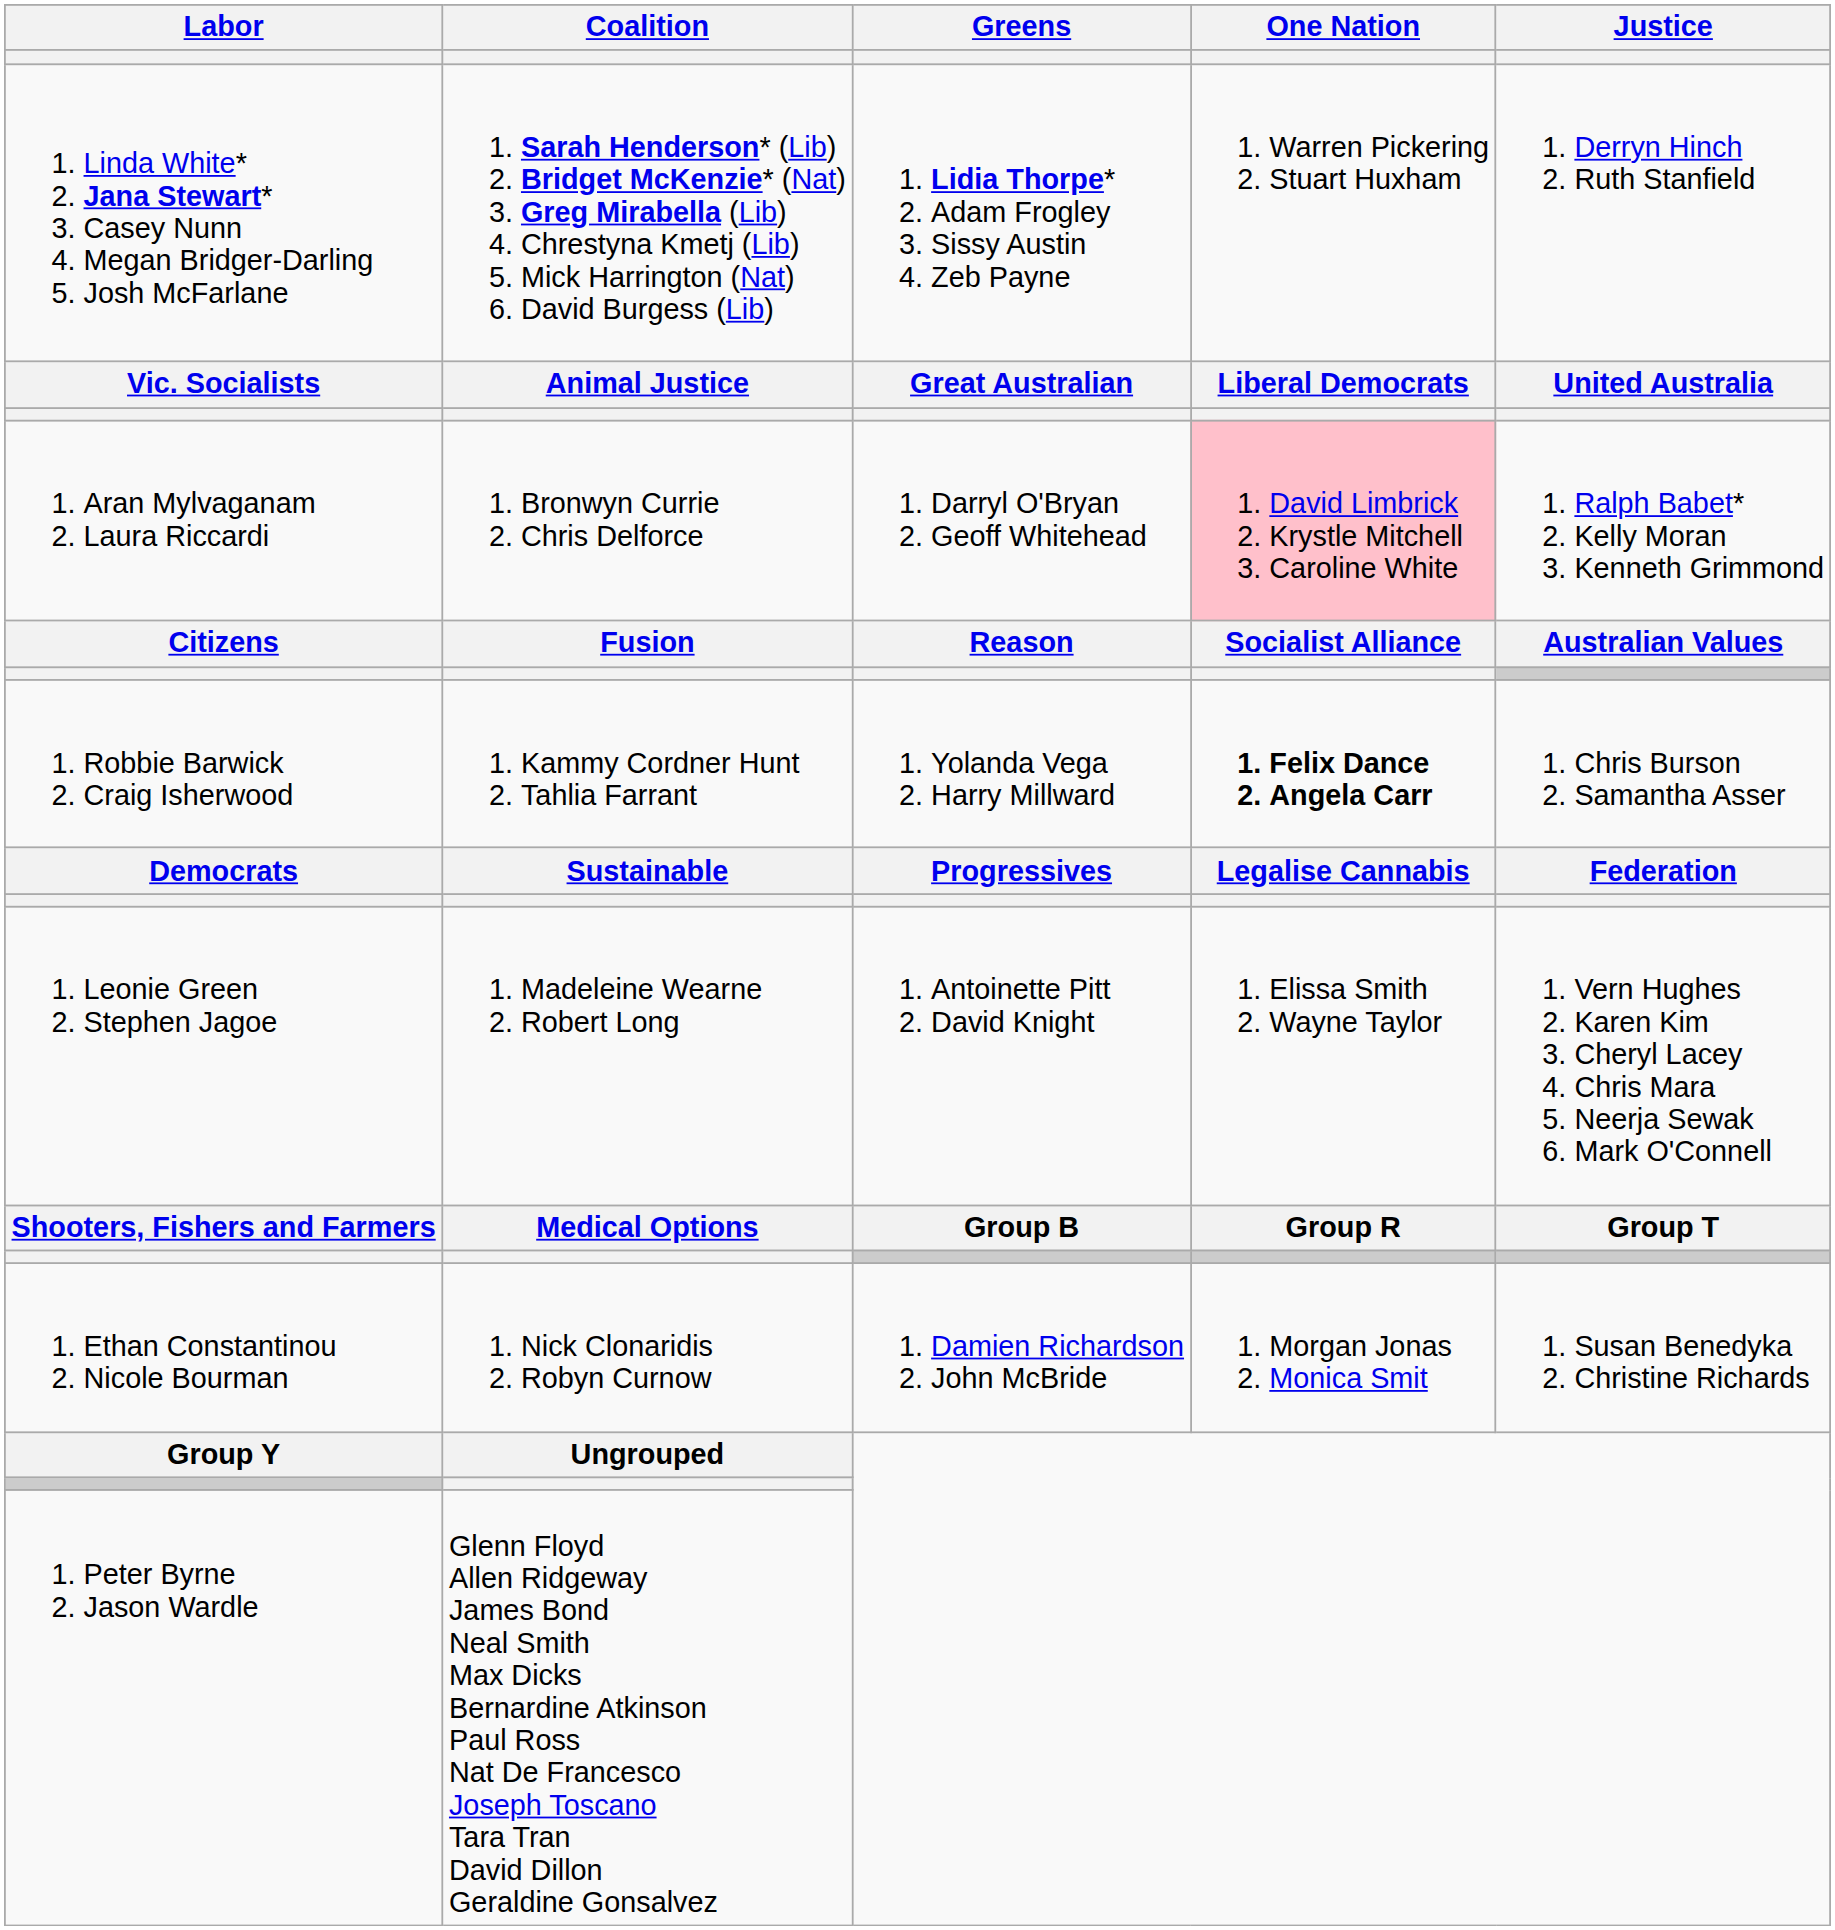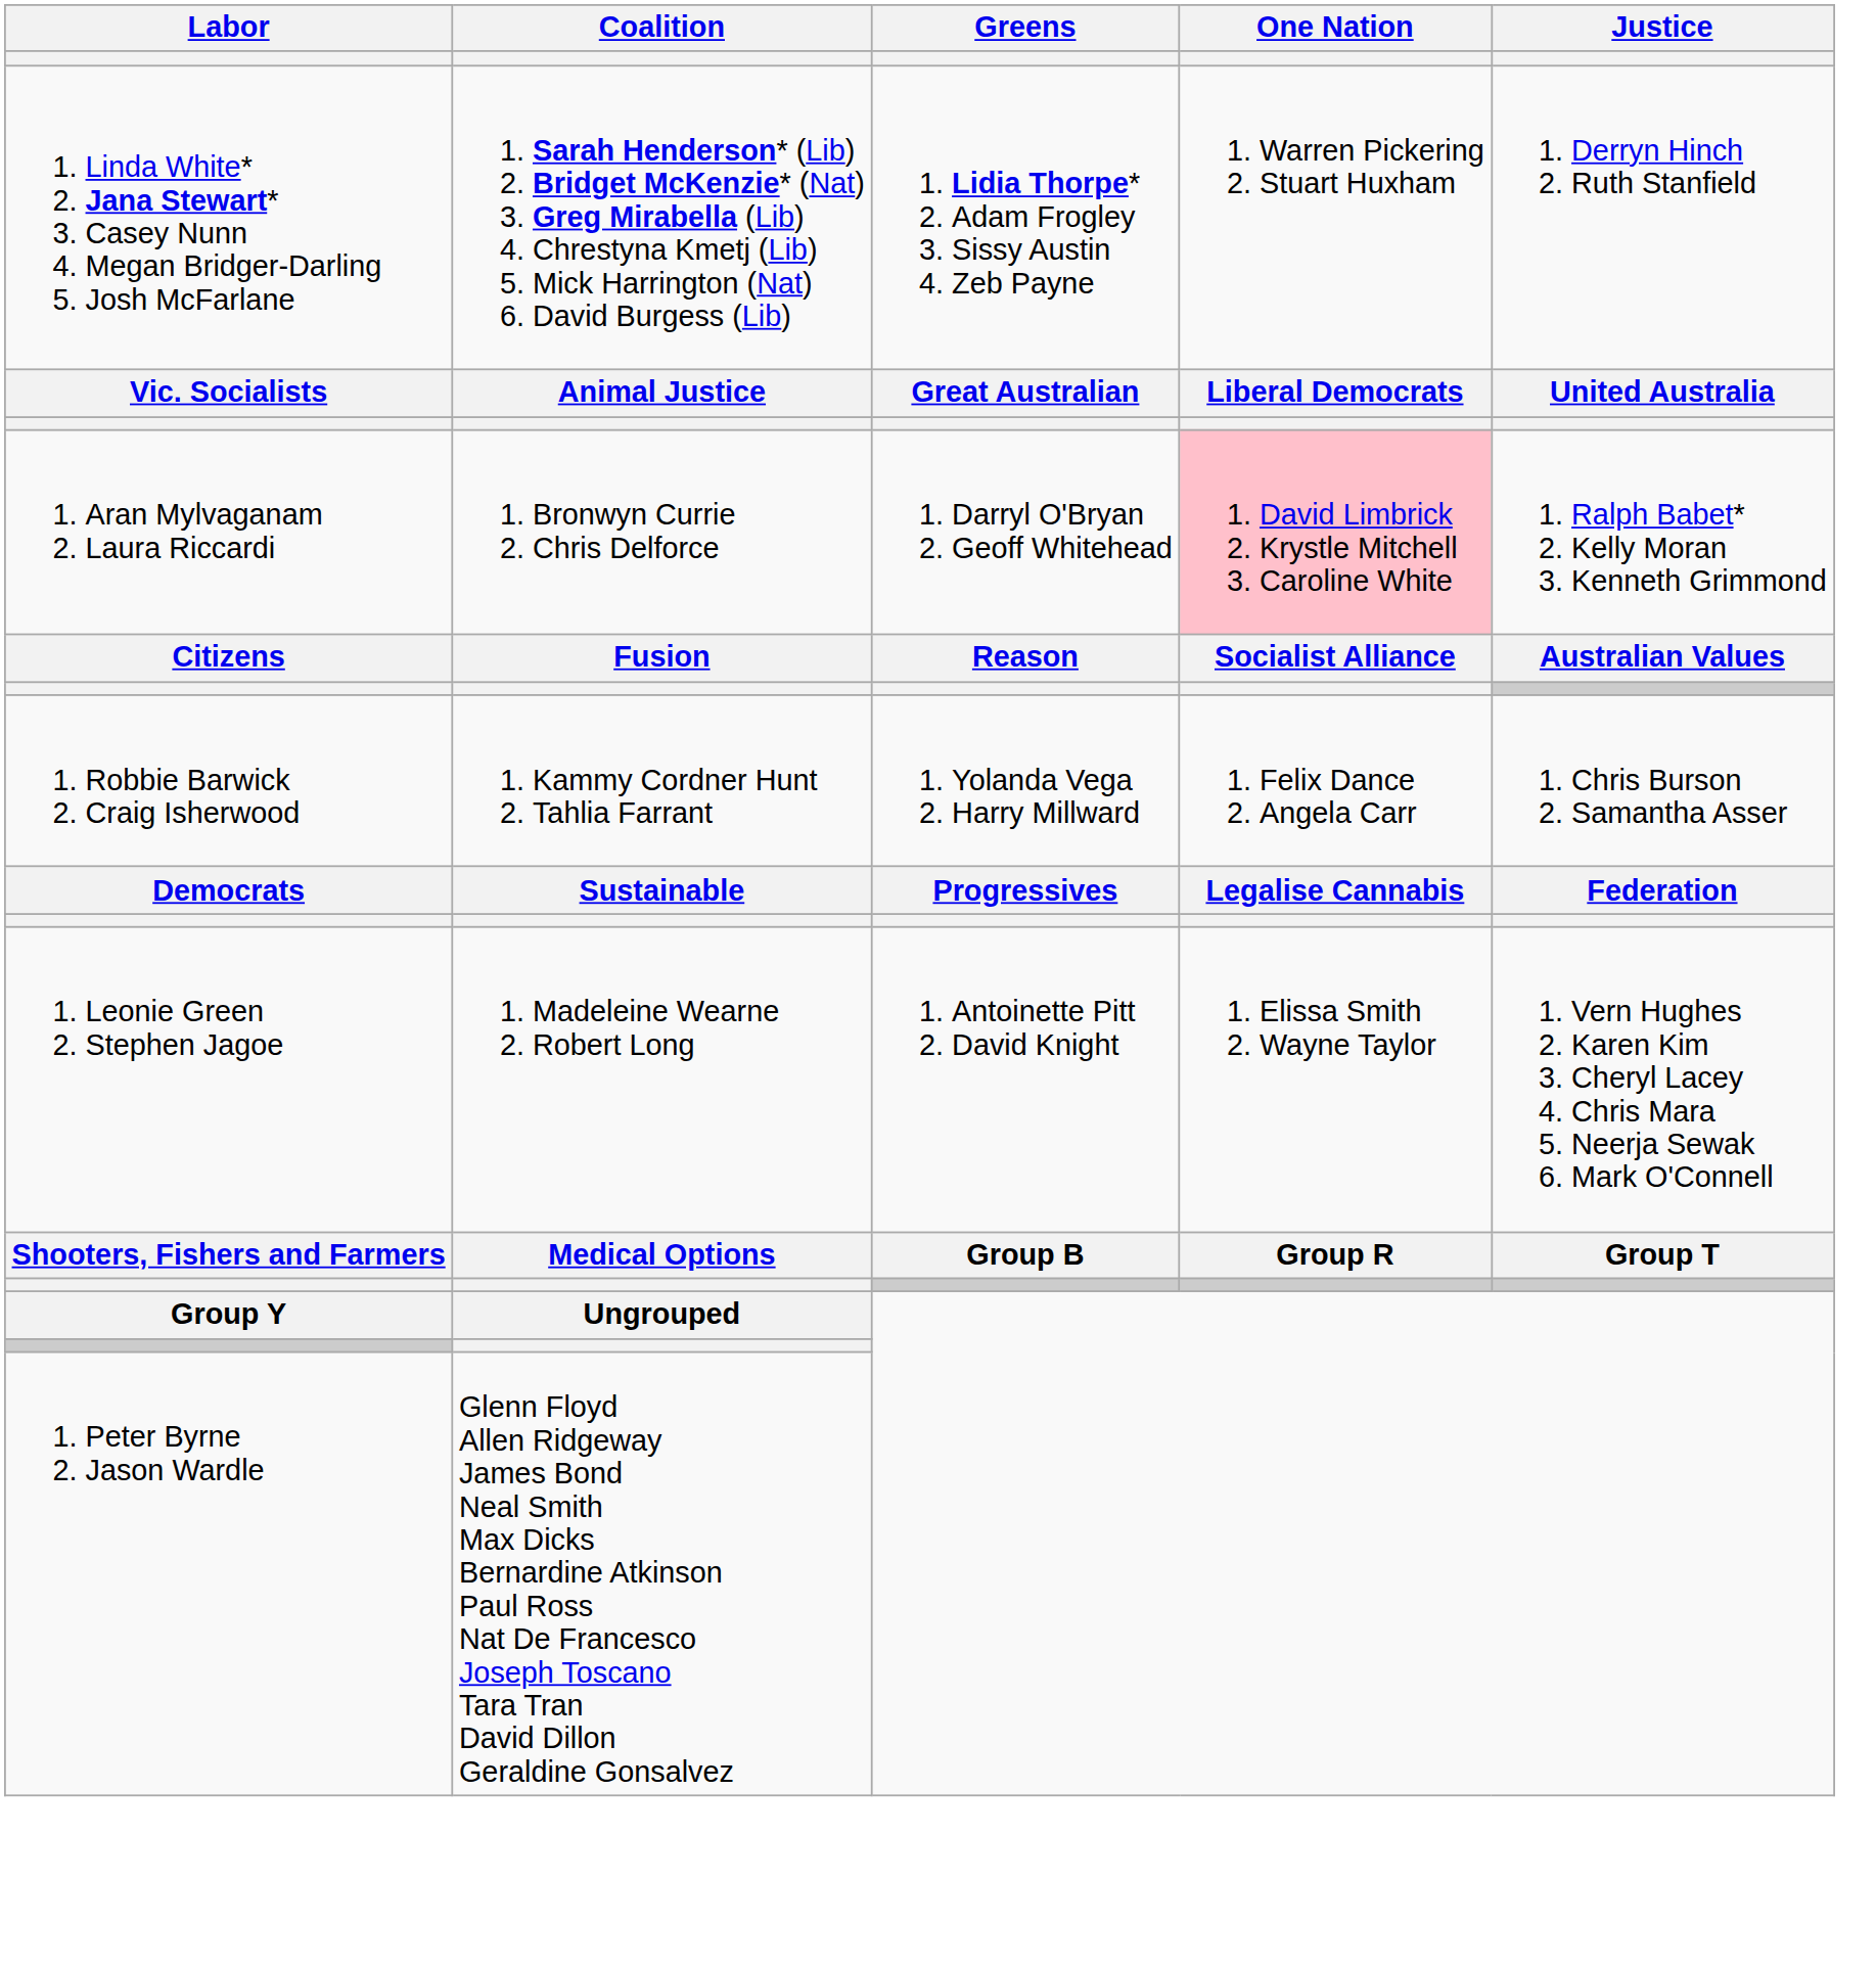 <table class=wikitable>
 <tr>
 <th><a href='#'>Labor</a></th>
 <th><a href='#'>Coalition</a></th>
 <th><a href='#'>Greens</a></th>
 <th><a href='#'>One Nation</a></th>
 <th><a href='#'>Justice</a></th>
 </tr>
 <tr style=background:#ccc>
 <th></th>
 <th></th>
 <th></th>
 <th></th>
 <th></th>
 </tr>
 <tr>
 <td><br><ol><li><a href='#'>Linda White</a>*</li><li><strong><a href='#'>Jana Stewart</a></strong>*</li><li>Casey Nunn</li><li>Megan Bridger-Darling</li><li>Josh McFarlane</li></ol></td>
 <td><br><ol><li><strong><a href='#'>Sarah Henderson</a></strong>* (<a href='#'>Lib</a>)</li><li><strong><a href='#'>Bridget McKenzie</a></strong>* (<a href='#'>Nat</a>)</li><li><strong><a href='#'>Greg Mirabella</a></strong> (<a href='#'>Lib</a>)</li><li>Chrestyna Kmetj (<a href='#'>Lib</a>)</li><li>Mick Harrington (<a href='#'>Nat</a>)</li><li>David Burgess (<a href='#'>Lib</a>)</li></ol></td>
 <td><br><ol><li><strong><a href='#'>Lidia Thorpe</a></strong>*</li><li>Adam Frogley</li><li>Sissy Austin</li><li>Zeb Payne</li></ol></td>
 <td valign=top><br><ol><li>Warren Pickering</li><li>Stuart Huxham</li></ol></td>
 <td valign=top><br><ol><li><a href='#'>Derryn Hinch</a></li><li>Ruth Stanfield</li></ol></td>
 </tr>
 <tr>
 <th><a href='#'>Vic. Socialists</a></th>
 <th><a href='#'>Animal Justice</a></th>
 <th><a href='#'>Great Australian</a></th>
 <th><a href='#'>Liberal Democrats</a></th>
 <th><a href='#'>United Australia</a></th>
 </tr>
 <tr style=background:#ccc>
 <th></th>
 <th></th>
 <th></th>
 <th></th>
 <th></th>
 </tr>
 <tr>
 <td valign=top><br><ol><li>Aran Mylvaganam</li><li>Laura Riccardi</li></ol></td>
 <td valign=top><br><ol><li>Bronwyn Currie</li><li>Chris Delforce</li></ol></td>
 <td valign=top><br><ol><li>Darryl O'Bryan</li><li>Geoff Whitehead</li></ol></td>
 <td valign=top style="background: pink;"><br><ol><li><a href='#'>David Limbrick</a></li><li>Krystle Mitchell</li><li>Caroline White</li></ol></td>
 <td><br><ol><li><a href='#'>Ralph Babet</a>*</li><li>Kelly Moran</li><li>Kenneth Grimmond</li></ol></td>
 </tr>
 <tr>
 <th><a href='#'>Citizens</a></th>
 <th><a href='#'>Fusion</a></th>
 <th><a href='#'>Reason</a></th>
 <th><a href='#'>Socialist Alliance</a></th>
 <th><a href='#'>Australian Values</a></th>
 </tr>
 <tr style=background:#ccc>
 <th></th>
 <th></th>
 <th></th>
 <th></th>
 <td></td>
 </tr>
 <tr>
 <td valign=top><br><ol><li>Robbie Barwick</li><li>Craig Isherwood</li></ol></td>
 <td valign=top><br><ol><li>Kammy Cordner Hunt</li><li>Tahlia Farrant</li></ol></td>
 <td valign=top><br><ol><li>Yolanda Vega</li><li>Harry Millward</li></ol></td>
-<td valign=top><strong><br><ol><li>Felix Dance</li><li>Angela Carr</li></ol></strong></td>
+<td valign=top><br><ol><li>Felix Dance</li><li>Angela Carr</li></ol></td>
 <td valign=top><br><ol><li>Chris Burson</li><li>Samantha Asser</li></ol></td>
 </tr>
 <tr>
 <th><a href='#'>Democrats</a></th>
 <th><a href='#'>Sustainable</a></th>
 <th><a href='#'>Progressives</a></th>
 <th><a href='#'>Legalise Cannabis</a></th>
 <th><a href='#'>Federation</a></th>
 </tr>
 <tr style=background:#ccc>
 <th></th>
 <th></th>
 <th></th>
 <th></th>
 <th></th>
 </tr>
 <tr>
 <td valign=top><br><ol><li>Leonie Green</li><li>Stephen Jagoe</li></ol></td>
 <td valign=top><br><ol><li>Madeleine Wearne</li><li>Robert Long</li></ol></td>
 <td valign=top><br><ol><li>Antoinette Pitt</li><li>David Knight</li></ol></td>
 <td valign=top><br><ol><li>Elissa Smith</li><li>Wayne Taylor</li></ol></td>
 <td valign=top><br><ol><li>Vern Hughes</li><li>Karen Kim</li><li>Cheryl Lacey</li><li>Chris Mara</li><li>Neerja Sewak</li><li>Mark O'Connell</li></ol></td>
 </tr>
 <tr>
 <th><a href='#'>Shooters, Fishers and Farmers</a></th>
 <th><a href='#'>Medical Options</a></th>
 <th>Group B</th>
 <th>Group R</th>
 <th>Group T</th>
 </tr>
 <tr style=background:#ccc>
 <th></th>
 <th></th>
 <td></td>
 <td></td>
 <td></td>
 </tr>
 <tr>
-<td valign=top><br><ol><li>Ethan Constantinou</li><li>Nicole Bourman</li></ol></td>
-<td valign=top><br><ol><li>Nick Clonaridis</li><li>Robyn Curnow</li></ol></td>
-<td valign=top><br><ol><li><a href='#'>Damien Richardson</a></li><li>John McBride</li></ol></td>
-<td valign=top><br><ol><li>Morgan Jonas</li><li><a href='#'>Monica Smit</a></li></ol></td>
-<td valign=top><br><ol><li>Susan Benedyka</li><li>Christine Richards</li></ol></td>
-</tr>
-<tr>
 <th>Group Y</th>
 <th>Ungrouped</th>
 </tr>
 <tr style=background:#ccc>
 <td></td>
 <th></th>
 </tr>
 <tr>
 <td valign=top><br><ol><li>Peter Byrne</li><li>Jason Wardle</li></ol></td>
 <td valign=top><br>Glenn Floyd<br> Allen Ridgeway<br> James Bond<br> Neal Smith<br> Max Dicks<br> Bernardine Atkinson<br> Paul Ross<br> Nat De Francesco<br> <a href='#'>Joseph Toscano</a><br> Tara Tran<br> David Dillon<br> Geraldine Gonsalvez</td>
 </tr>
 </table>
